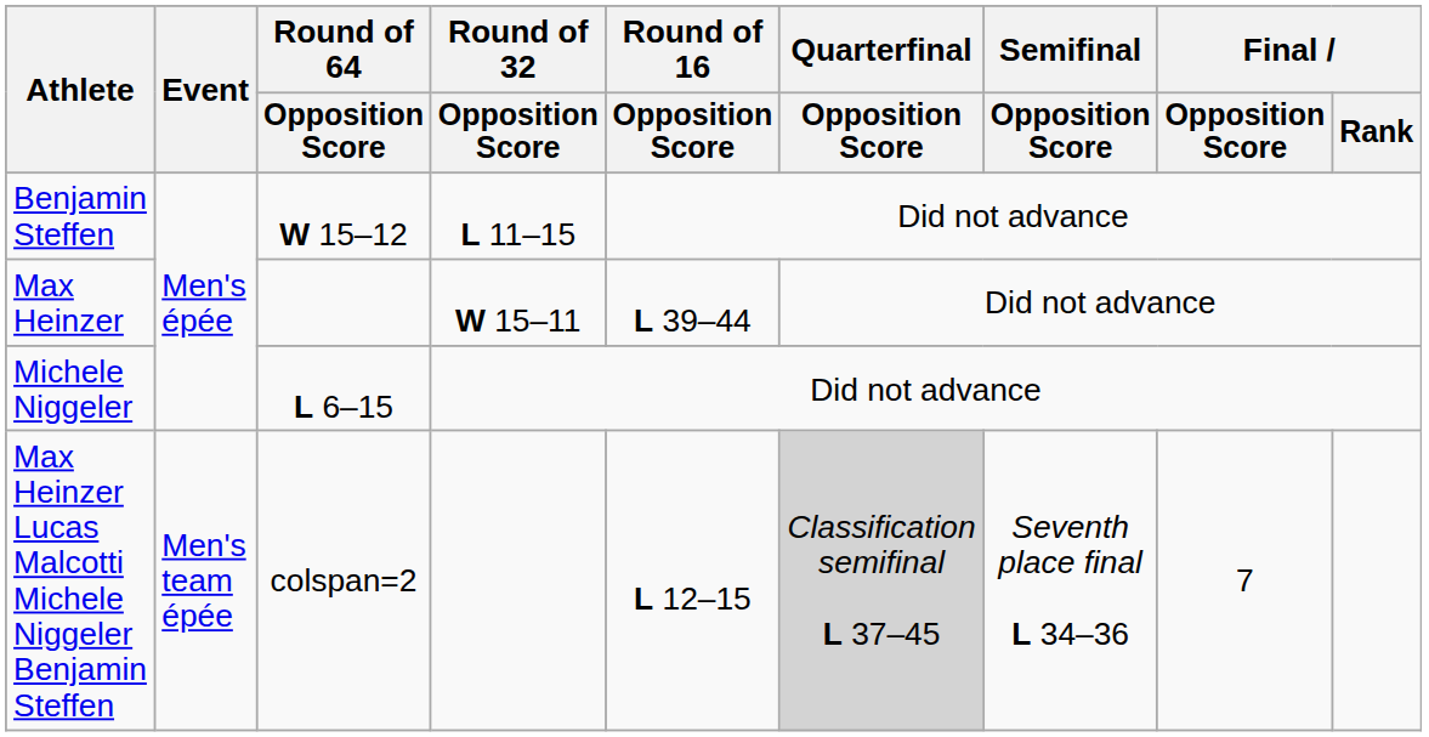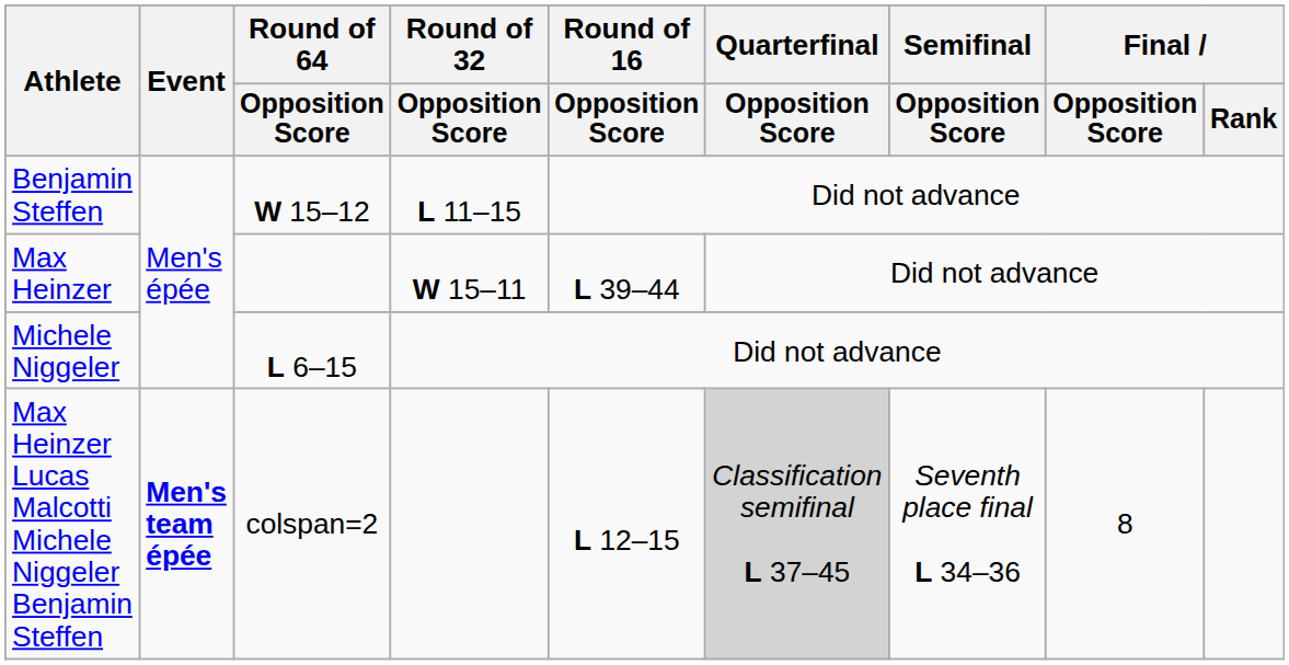 <table class="wikitable" style="font-size:90%">
 <tr>
 <th rowspan="2">Athlete</th>
 <th rowspan="2">Event</th>
 <th>Round of 64</th>
 <th>Round of 32</th>
 <th>Round of 16</th>
 <th>Quarterfinal</th>
 <th>Semifinal</th>
 <th colspan=2>Final / </th>
 </tr>
 <tr style="font-size:95%">
 <th>Opposition <br> Score</th>
 <th>Opposition <br> Score</th>
 <th>Opposition <br> Score</th>
 <th>Opposition <br> Score</th>
 <th>Opposition <br> Score</th>
 <th>Opposition <br> Score</th>
 <th>Rank</th>
 </tr>
 <tr align=center>
 <td align=left><a href='#'>Benjamin Steffen</a></td>
 <td align=left rowspan=3><a href='#'>Men's épée</a></td>
 <td><br><strong>W</strong> 15–12</td>
 <td><br><strong>L</strong> 11–15</td>
 <td colspan=5>Did not advance</td>
 </tr>
 <tr align=center>
 <td align=left><a href='#'>Max Heinzer</a></td>
 <td></td>
 <td><br><strong>W</strong> 15–11</td>
 <td><br><strong>L</strong> 39–44</td>
 <td colspan=4>Did not advance</td>
 </tr>
 <tr align=center>
 <td align=left><a href='#'>Michele Niggeler</a></td>
 <td><br><strong>L</strong> 6–15</td>
 <td colspan=6>Did not advance</td>
 </tr>
 <tr align=center>
 <td align=left><a href='#'>Max Heinzer</a><br><a href='#'>Lucas Malcotti</a><br><a href='#'>Michele Niggeler</a><br><a href='#'>Benjamin Steffen</a></td>
-<td align=left><a href='#'>Men's team épée</a></td>
+<td align=left><strong><a href='#'>Men's team épée</a></strong></td>
 <td>colspan=2 </td>
 <td></td>
 <td><br><strong>L</strong> 12–15</td>
 <td style="background: lightgrey;"><em>Classification semifinal</em><br><br><strong>L</strong> 37–45</td>
 <td><em>Seventh place final</em><br><br><strong>L</strong> 34–36</td>
-<td>7</td>
+<td>8</td>
 </tr>
 </table>
